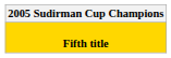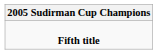 <table class=wikitable style="text-align:center; margin:auto">
 <tr>
 <th>2005 Sudirman Cup Champions</th>
 </tr>
 <tr>
-<td style="background: gold;"><strong></strong> <br> <strong>Fifth title</strong></td>
+<td><strong></strong> <br> <strong>Fifth title</strong></td>
 </tr>
 </table>
